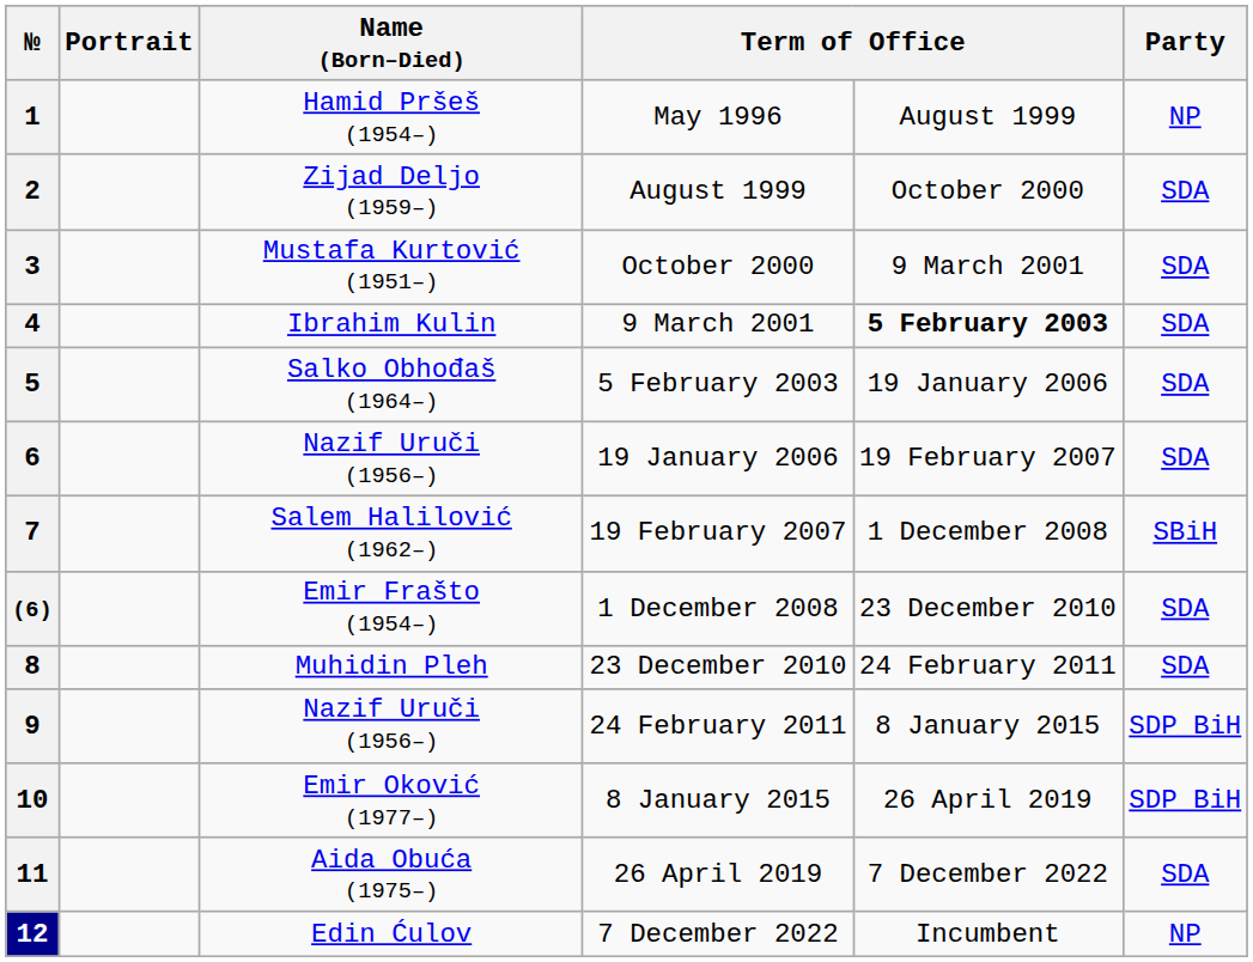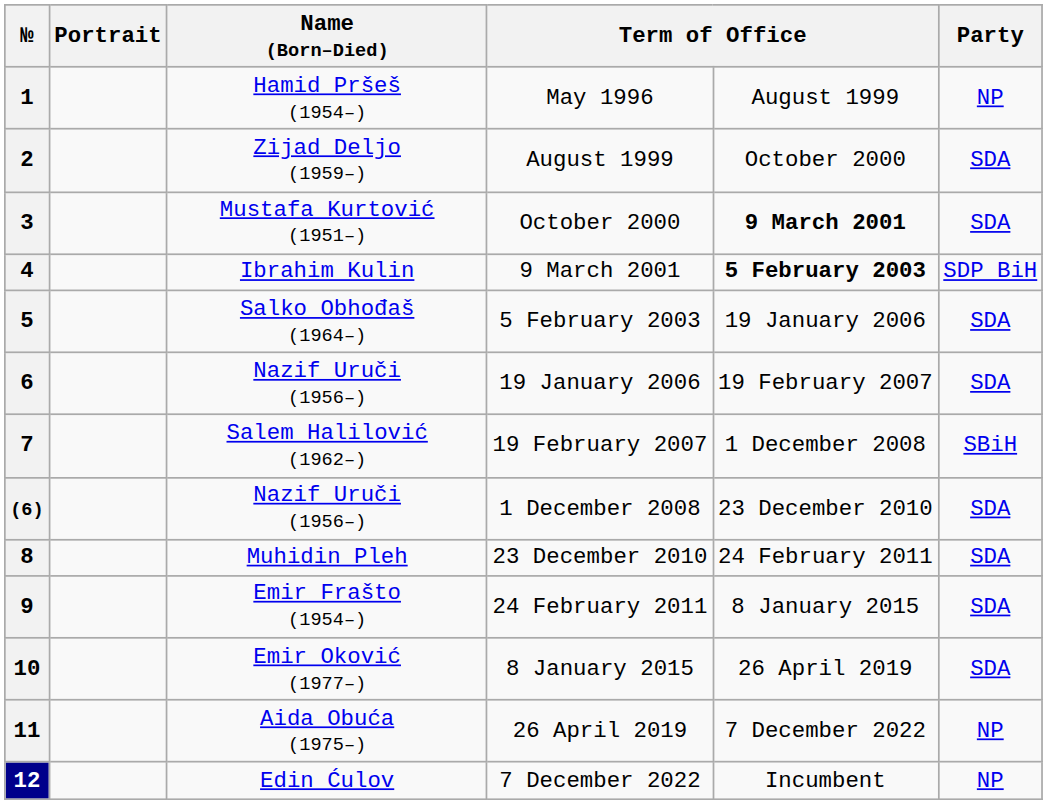 <table class="wikitable" style="text-align:center">
 <tr ->
 <th>№</th>
 <th>Portrait</th>
 <th width=180>Name<br><small>(Born–Died)</small></th>
 <th colspan=2>Term of Office</th>
 <th>Party</th>
 </tr>
 <tr ->
 <th style="background:">1</th>
 <td></td>
 <td><a href='#'>Hamid Pršeš</a><br><small>(1954–)</small></td>
 <td>May 1996</td>
 <td>August 1999</td>
 <td><a href='#'>NP</a></td>
 </tr>
 <tr ->
 <th style="background:">2</th>
 <td></td>
 <td><a href='#'>Zijad Deljo</a><br><small>(1959–)</small></td>
 <td>August 1999</td>
 <td>October 2000</td>
 <td><a href='#'>SDA</a></td>
 </tr>
 <tr ->
 <th style="background:">3</th>
 <td></td>
 <td><a href='#'>Mustafa Kurtović</a><br><small>(1951–)</small></td>
 <td>October 2000</td>
-<td>9 March 2001</td>
+<td><strong>9 March 2001</strong></td>
 <td><a href='#'>SDA</a></td>
 </tr>
 <tr ->
 <th style="background:">4</th>
 <td></td>
 <td><a href='#'>Ibrahim Kulin</a></td>
 <td>9 March 2001</td>
 <td><strong>5 February 2003</strong></td>
-<td><a href='#'>SDA</a></td>
+<td><a href='#'>SDP BiH</a></td>
 </tr>
 <tr ->
 <th style="background:">5</th>
 <td></td>
 <td><a href='#'>Salko Obhođaš</a><br><small>(1964–)</small></td>
 <td>5 February 2003</td>
 <td>19 January 2006</td>
 <td><a href='#'>SDA</a></td>
 </tr>
 <tr ->
 <th style="background:">6</th>
 <td></td>
 <td><a href='#'>Nazif Uruči</a><br><small>(1956–)</small></td>
 <td>19 January 2006</td>
 <td>19 February 2007</td>
 <td><a href='#'>SDA</a></td>
 </tr>
 <tr ->
 <th style="background:">7</th>
 <td></td>
 <td><a href='#'>Salem Halilović</a><br><small>(1962–)</small></td>
 <td>19 February 2007</td>
 <td>1 December 2008</td>
 <td><a href='#'>SBiH</a></td>
 </tr>
 <tr ->
 <th style="background:"><small>(6)</small></th>
 <td></td>
-<td><a href='#'>Emir Frašto</a><br><small>(1954–)</small></td>
+<td><a href='#'>Nazif Uruči</a><br><small>(1956–)</small></td>
 <td>1 December 2008</td>
 <td>23 December 2010</td>
 <td><a href='#'>SDA</a></td>
 </tr>
 <tr ->
 <th style="background:">8</th>
 <td></td>
 <td><a href='#'>Muhidin Pleh</a></td>
 <td>23 December 2010</td>
 <td>24 February 2011</td>
 <td><a href='#'>SDA</a></td>
 </tr>
 <tr ->
 <th style="background:">9</th>
 <td></td>
-<td><a href='#'>Nazif Uruči</a><br><small>(1956–)</small></td>
+<td><a href='#'>Emir Frašto</a><br><small>(1954–)</small></td>
 <td>24 February 2011</td>
 <td>8 January 2015</td>
-<td><a href='#'>SDP BiH</a></td>
+<td><a href='#'>SDA</a></td>
 </tr>
 <tr ->
 <th style="background:">10</th>
 <td></td>
 <td><a href='#'>Emir Oković</a><br><small>(1977–)</small></td>
 <td>8 January 2015</td>
 <td>26 April 2019</td>
-<td><a href='#'>SDP BiH</a></td>
+<td><a href='#'>SDA</a></td>
 </tr>
 <tr ->
 <th style="background:">11</th>
 <td></td>
 <td><a href='#'>Aida Obuća</a><br><small>(1975–)</small></td>
 <td>26 April 2019</td>
 <td>7 December 2022</td>
-<td><a href='#'>SDA</a></td>
+<td><a href='#'>NP</a></td>
 </tr>
 <tr ->
 <th style="background: #00008B; color:white;">12</th>
 <td></td>
 <td><a href='#'>Edin Ćulov</a></td>
 <td>7 December 2022</td>
 <td>Incumbent</td>
 <td><a href='#'>NP</a></td>
 </tr>
 <tr ->
 </tr>
 </table>
